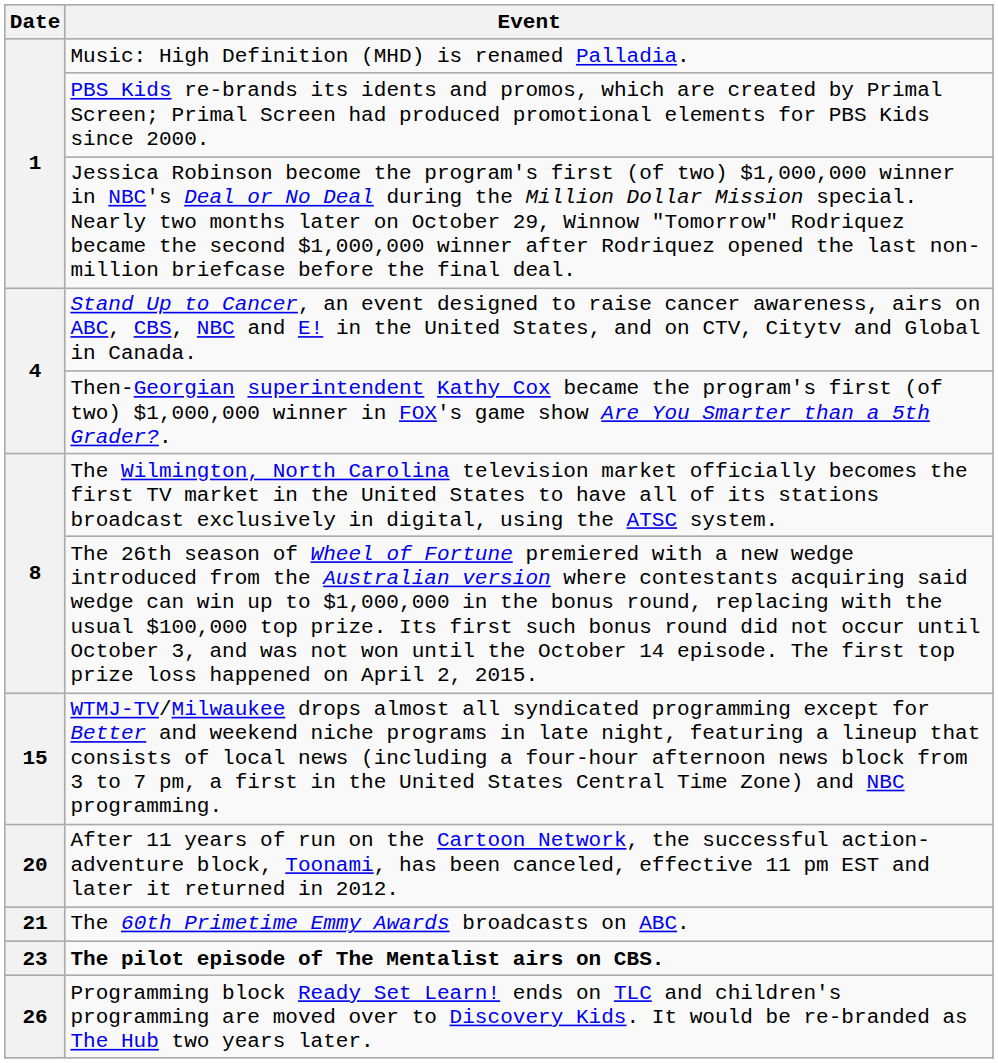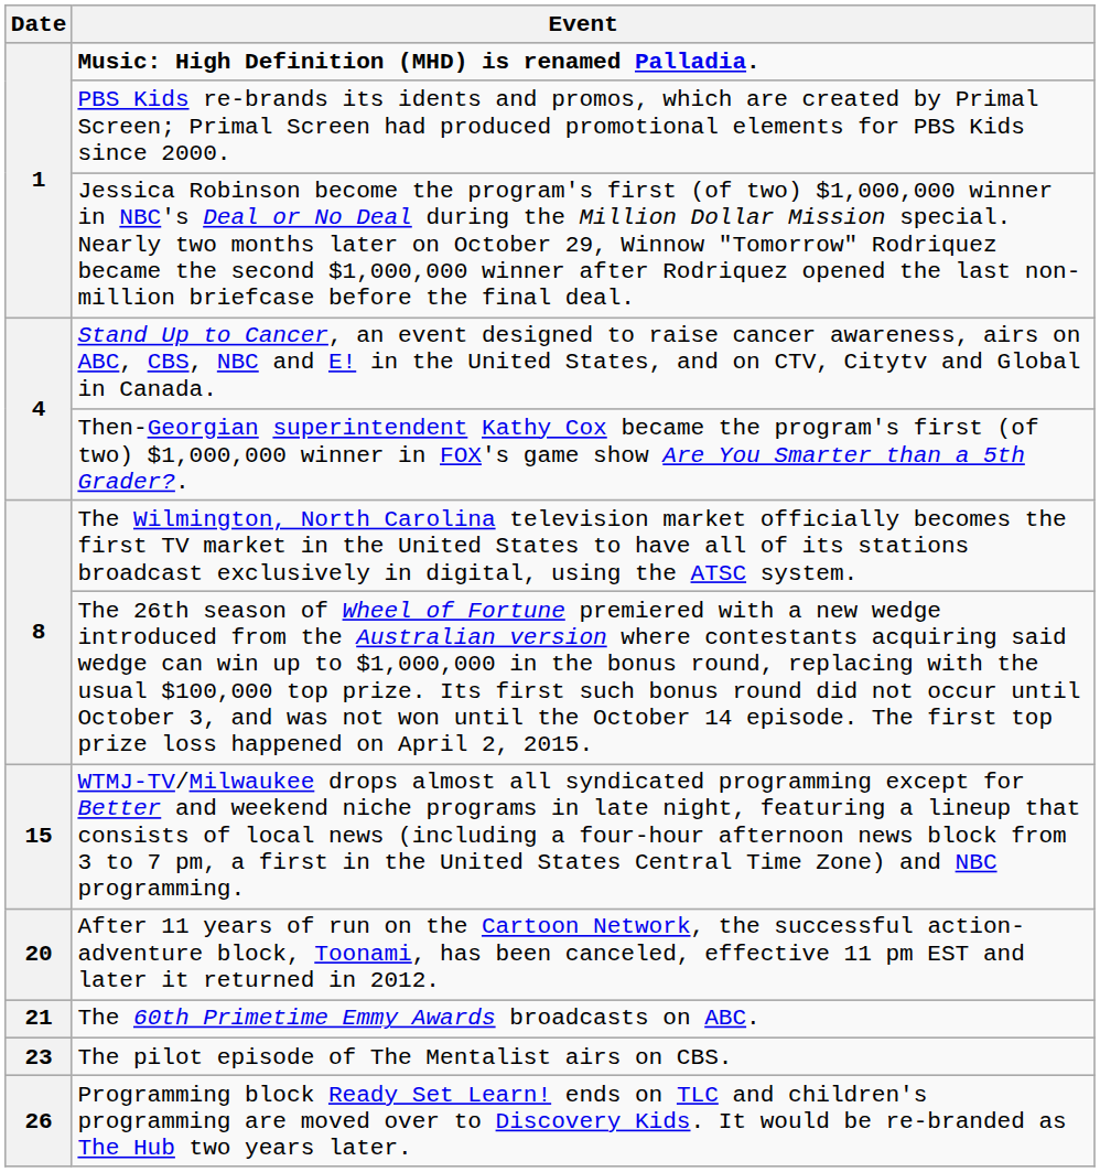 <table class="wikitable">
 <tr>
 <th>Date</th>
 <th>Event</th>
 </tr>
 <tr>
 <th rowspan="3">1</th>
-<td>Music: High Definition (MHD) is renamed <a href='#'>Palladia</a>.</td>
+<td><strong>Music: High Definition (MHD) is renamed <a href='#'>Palladia</a>.</strong></td>
 </tr>
 <tr>
 <td><a href='#'>PBS Kids</a> re-brands its idents and promos, which are created by Primal Screen; Primal Screen had produced promotional elements for PBS Kids since 2000.</td>
 </tr>
 <tr>
 <td>Jessica Robinson become the program's first (of two) $1,000,000 winner in <a href='#'>NBC</a>'s <em><a href='#'>Deal or No Deal</a></em> during the <em>Million Dollar Mission</em> special. Nearly two months later on October 29, Winnow "Tomorrow" Rodriquez became the second $1,000,000 winner after Rodriquez opened the last non-million briefcase before the final deal.</td>
 </tr>
 <tr>
 <th rowspan="2">4</th>
 <td><em><a href='#'>Stand Up to Cancer</a></em>, an event designed to raise cancer awareness, airs on <a href='#'>ABC</a>, <a href='#'>CBS</a>, <a href='#'>NBC</a> and <a href='#'>E!</a> in the United States, and on CTV, Citytv and Global in Canada.</td>
 </tr>
 <tr>
 <td>Then-<a href='#'>Georgian</a> <a href='#'>superintendent</a> <a href='#'>Kathy Cox</a> became the program's first (of two) $1,000,000 winner in <a href='#'>FOX</a>'s game show <em><a href='#'>Are You Smarter than a 5th Grader?</a></em>.</td>
 </tr>
 <tr>
 <th rowspan="2">8</th>
 <td>The <a href='#'>Wilmington, North Carolina</a> television market officially becomes the first TV market in the United States to have all of its stations broadcast exclusively in digital, using the <a href='#'>ATSC</a> system.</td>
 </tr>
 <tr>
 <td>The 26th season of <em><a href='#'>Wheel of Fortune</a></em> premiered with a new wedge introduced from the <em><a href='#'>Australian version</a></em> where contestants acquiring said wedge can win up to $1,000,000 in the bonus round, replacing with the usual $100,000 top prize. Its first such bonus round did not occur until October 3, and was not won until the October 14 episode. The first top prize loss happened on April 2, 2015.</td>
 </tr>
 <tr>
 <th>15</th>
 <td><a href='#'>WTMJ-TV</a>/<a href='#'>Milwaukee</a> drops almost all syndicated programming except for <em><a href='#'>Better</a></em> and weekend niche programs in late night, featuring a lineup that consists of local news (including a four-hour afternoon news block from 3 to 7 pm, a first in the United States Central Time Zone) and <a href='#'>NBC</a> programming.</td>
 </tr>
 <tr>
 <th>20</th>
 <td>After 11 years of run on the <a href='#'>Cartoon Network</a>, the successful action-adventure block, <a href='#'>Toonami</a>, has been canceled, effective 11 pm EST and later it returned in 2012.</td>
 </tr>
 <tr>
 <th>21</th>
 <td>The <em><a href='#'>60th Primetime Emmy Awards</a></em> broadcasts on <a href='#'>ABC</a>.</td>
 </tr>
 <tr>
 <th>23</th>
-<td><strong>The pilot episode of The Mentalist airs on CBS.</strong></td>
+<td>The pilot episode of The Mentalist airs on CBS.</td>
 </tr>
 <tr>
 <th>26</th>
 <td>Programming block <a href='#'>Ready Set Learn!</a> ends on <a href='#'>TLC</a> and children's programming are moved over to <a href='#'>Discovery Kids</a>. It would be re-branded as <a href='#'>The Hub</a> two years later.</td>
 </tr>
 </table>
